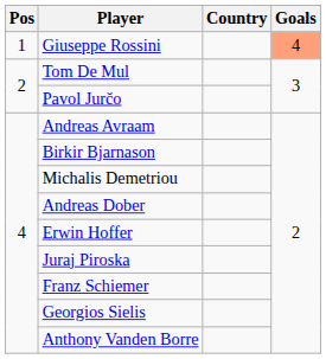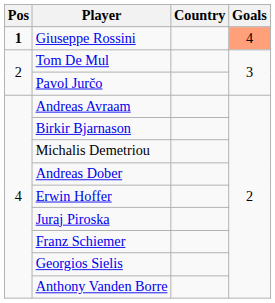 <table class="wikitable" style="text-align: left;">
 <tr>
 <th>Pos</th>
 <th>Player</th>
 <th>Country</th>
 <th>Goals</th>
 </tr>
 <tr>
-<td align=center>1</td>
+<td align=center><strong>1</strong></td>
 <td><a href='#'>Giuseppe Rossini</a></td>
 <td></td>
 <td align=center style="background: lightsalmon;">4</td>
 </tr>
 <tr>
 <td rowspan="2" align=center>2</td>
 <td><a href='#'>Tom De Mul</a></td>
 <td></td>
 <td rowspan="2" align=center>3</td>
 </tr>
 <tr>
 <td><a href='#'>Pavol Jurčo</a></td>
 <td></td>
 </tr>
 <tr>
 <td rowspan="9" align=center>4</td>
 <td><a href='#'>Andreas Avraam</a></td>
 <td></td>
 <td rowspan="9" align=center>2</td>
 </tr>
 <tr>
 <td><a href='#'>Birkir Bjarnason</a></td>
 <td></td>
 </tr>
 <tr>
 <td>Michalis Demetriou</td>
 <td></td>
 </tr>
 <tr>
 <td><a href='#'>Andreas Dober</a></td>
 <td></td>
 </tr>
 <tr>
 <td><a href='#'>Erwin Hoffer</a></td>
 <td></td>
 </tr>
 <tr>
 <td><a href='#'>Juraj Piroska</a></td>
 <td></td>
 </tr>
 <tr>
 <td><a href='#'>Franz Schiemer</a></td>
 <td></td>
 </tr>
 <tr>
 <td><a href='#'>Georgios Sielis</a></td>
 <td></td>
 </tr>
 <tr>
 <td><a href='#'>Anthony Vanden Borre</a></td>
 <td></td>
 </tr>
 </table>
